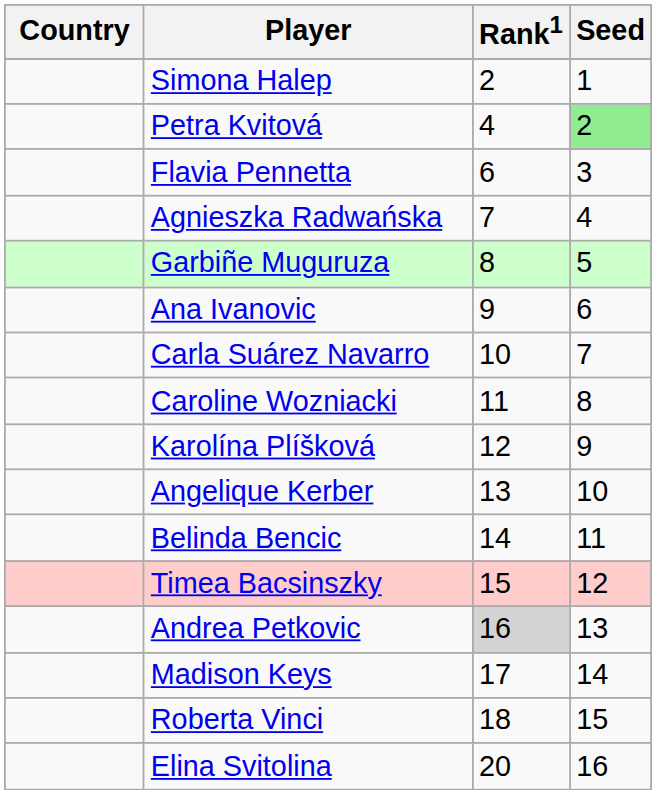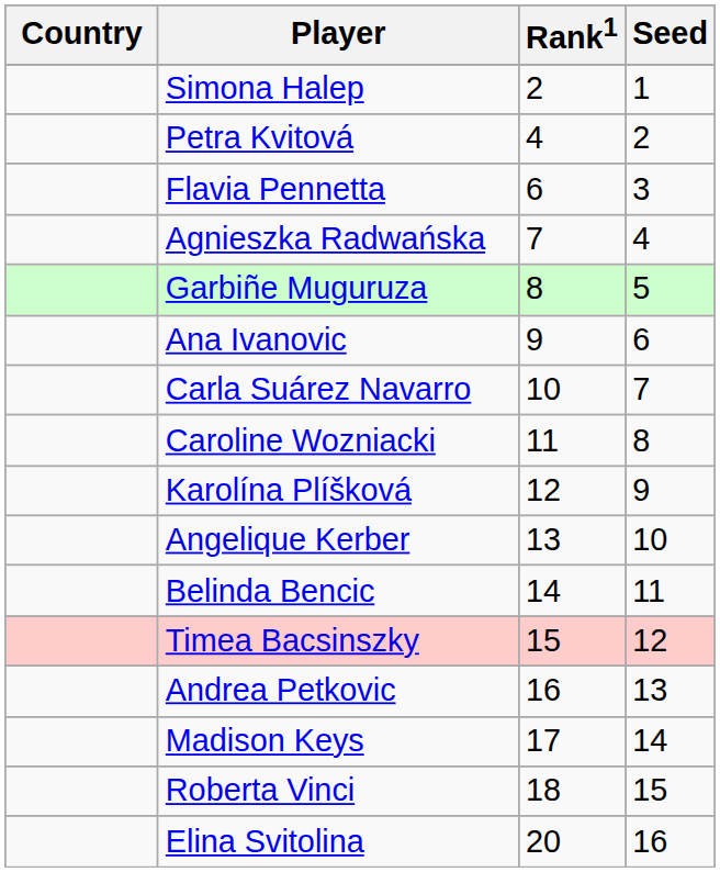 <table class="sortable wikitable">
 <tr>
 <th width="70">Country</th>
 <th width="175">Player</th>
 <th>Rank<sup>1</sup></th>
 <th>Seed</th>
 </tr>
 <tr style="background:#cfc;">
 </tr>
 <tr>
 <td></td>
 <td><a href='#'>Simona Halep</a></td>
 <td>2</td>
 <td>1</td>
 </tr>
 <tr>
 <td></td>
 <td><a href='#'>Petra Kvitová</a></td>
 <td>4</td>
-<td style="background: lightgreen;">2</td>
+<td>2</td>
 </tr>
 <tr>
 <td></td>
 <td><a href='#'>Flavia Pennetta</a></td>
 <td>6</td>
 <td>3</td>
 </tr>
 <tr>
 <td></td>
 <td><a href='#'>Agnieszka Radwańska</a></td>
 <td>7</td>
 <td>4</td>
 </tr>
 <tr style="background:#cfc;">
 <td></td>
 <td><a href='#'>Garbiñe Muguruza</a></td>
 <td>8</td>
 <td>5</td>
 </tr>
 <tr>
 <td></td>
 <td><a href='#'>Ana Ivanovic</a></td>
 <td>9</td>
 <td>6</td>
 </tr>
 <tr>
 <td></td>
 <td><a href='#'>Carla Suárez Navarro</a></td>
 <td>10</td>
 <td>7</td>
 </tr>
 <tr>
 <td></td>
 <td><a href='#'>Caroline Wozniacki</a></td>
 <td>11</td>
 <td>8</td>
 </tr>
 <tr>
 <td></td>
 <td><a href='#'>Karolína Plíšková</a></td>
 <td>12</td>
 <td>9</td>
 </tr>
 <tr>
 <td></td>
 <td><a href='#'>Angelique Kerber</a></td>
 <td>13</td>
 <td>10</td>
 </tr>
 <tr>
 <td></td>
 <td><a href='#'>Belinda Bencic</a></td>
 <td>14</td>
 <td>11</td>
 </tr>
 <tr style="background:#fcc;">
 <td></td>
 <td><a href='#'>Timea Bacsinszky</a></td>
 <td>15</td>
 <td>12</td>
 </tr>
 <tr>
 <td></td>
 <td><a href='#'>Andrea Petkovic</a></td>
-<td style="background: lightgrey;">16</td>
+<td>16</td>
 <td>13</td>
 </tr>
 <tr>
 <td></td>
 <td><a href='#'>Madison Keys</a></td>
 <td>17</td>
 <td>14</td>
 </tr>
 <tr>
 <td></td>
 <td><a href='#'>Roberta Vinci</a></td>
 <td>18</td>
 <td>15</td>
 </tr>
 <tr>
 <td></td>
 <td><a href='#'>Elina Svitolina</a></td>
 <td>20</td>
 <td>16</td>
 </tr>
 </table>
